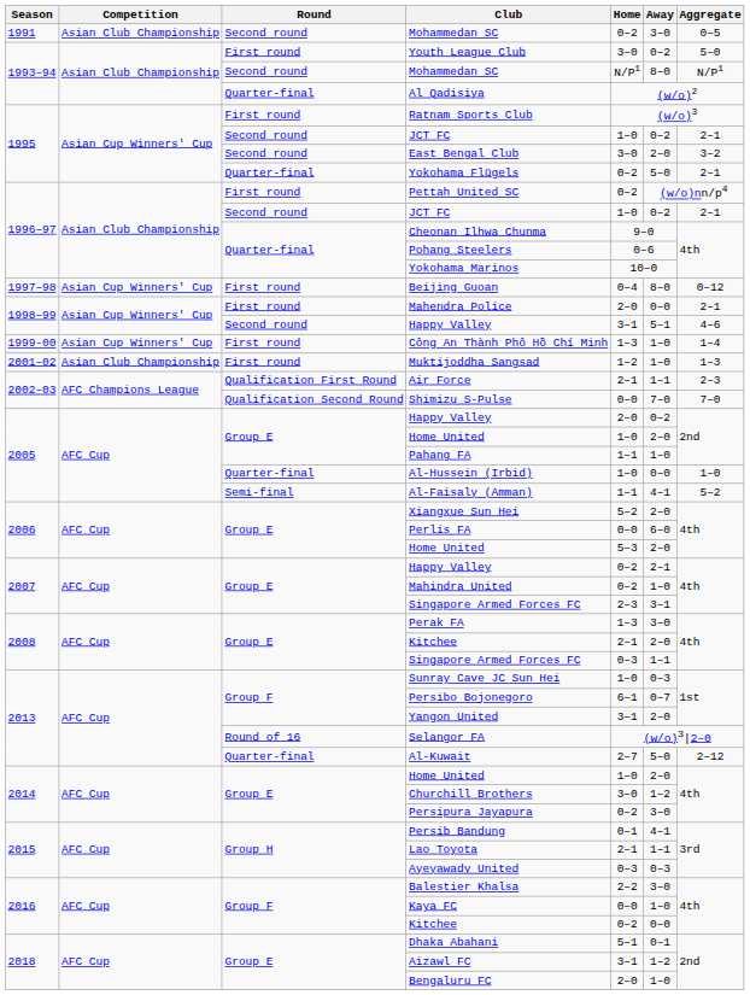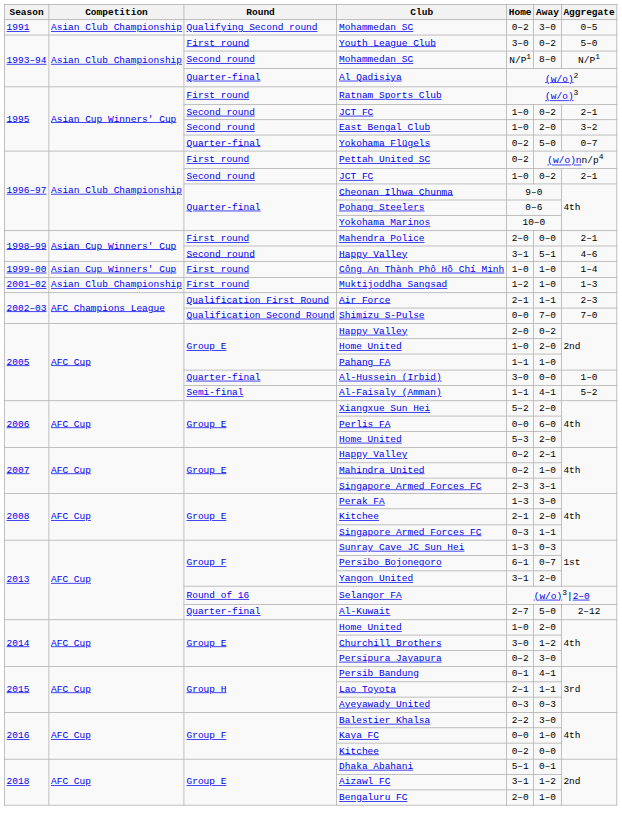 <table class="wikitable">
 <tr>
 <th>Season</th>
 <th>Competition</th>
 <th>Round</th>
 <th>Club</th>
 <th>Home</th>
 <th>Away</th>
 <th>Aggregate</th>
 </tr>
 <tr>
 <td><a href='#'>1991</a></td>
 <td><a href='#'>Asian Club Championship</a></td>
-<td><a href='#'>Second round</a></td>
+<td><a href='#'>Qualifying Second round</a></td>
 <td> <a href='#'>Mohammedan SC</a></td>
 <td style="text-align:center;">0–2</td>
 <td style="text-align:center;">3–0</td>
 <td style="text-align:center;">0–5</td>
 </tr>
 <tr>
 <td rowspan="3"><a href='#'>1993–94</a></td>
 <td rowspan="3"><a href='#'>Asian Club Championship</a></td>
 <td><a href='#'>First round</a></td>
 <td> <a href='#'>Youth League Club</a></td>
 <td style="text-align:center;">3–0</td>
 <td style="text-align:center;">0–2</td>
 <td style="text-align:center;">5–0</td>
 </tr>
 <tr>
 <td><a href='#'>Second round</a></td>
 <td> <a href='#'>Mohammedan SC</a></td>
 <td style="text-align:center;">N/P<sup>1</sup></td>
 <td style="text-align:center;">8–0</td>
 <td style="text-align:center;">N/P<sup>1</sup></td>
 </tr>
 <tr>
 <td><a href='#'>Quarter-final</a></td>
 <td> <a href='#'>Al Qadisiya</a></td>
 <td colspan=3; style="text-align:center;"><a href='#'>(w/o)</a><sup>2</sup></td>
 </tr>
 <tr>
 <td rowspan="4"><a href='#'>1995</a></td>
 <td rowspan="4"><a href='#'>Asian Cup Winners' Cup</a></td>
 <td><a href='#'>First round</a></td>
 <td> <a href='#'>Ratnam Sports Club</a></td>
 <td colspan=3; style="text-align:center;"><a href='#'>(w/o)</a><sup>3</sup></td>
 </tr>
 <tr>
 <td><a href='#'>Second round</a></td>
 <td> <a href='#'>JCT FC</a></td>
 <td style="text-align:center;">1–0</td>
 <td style="text-align:center;">0–2</td>
 <td style="text-align:center;">2–1</td>
 </tr>
 <tr>
 <td><a href='#'>Second round</a></td>
 <td> <a href='#'>East Bengal Club</a></td>
-<td style="text-align:center;">3–0</td>
+<td style="text-align:center;">1–0</td>
 <td style="text-align:center;">2–0</td>
 <td style="text-align:center;">3–2</td>
 </tr>
 <tr>
 <td><a href='#'>Quarter-final</a></td>
 <td> <a href='#'>Yokohama Flügels</a></td>
 <td style="text-align:center;">0–2</td>
 <td style="text-align:center;">5–0</td>
-<td style="text-align:center;">2–1</td>
+<td style="text-align:center;">0–7</td>
 </tr>
 <tr>
 <td rowspan="5"><a href='#'>1996–97</a></td>
 <td rowspan="5"><a href='#'>Asian Club Championship</a></td>
 <td><a href='#'>First round</a></td>
 <td> <a href='#'>Pettah United SC</a></td>
 <td style="text-align:center;">0–2</td>
 <td colspan=2; style="text-align:center;"><a href='#'>(w/o)n</a>n/p<sup>4</sup></td>
 </tr>
 <tr>
 <td><a href='#'>Second round</a></td>
 <td> <a href='#'>JCT FC</a></td>
 <td style="text-align:center;">1–0</td>
 <td style="text-align:center;">0–2</td>
 <td style="text-align:center;">2–1</td>
 </tr>
 <tr>
 <td rowspan="3"><a href='#'>Quarter-final</a></td>
 <td> <a href='#'>Cheonan Ilhwa Chunma</a></td>
 <td colspan=2; style="text-align:center;">9–0</td>
 <td rowspan="3">4th</td>
 </tr>
 <tr>
 <td> <a href='#'>Pohang Steelers</a></td>
 <td colspan=2; style="text-align:center;">0–6</td>
 </tr>
 <tr>
 <td> <a href='#'>Yokohama Marinos</a></td>
 <td colspan=2; style="text-align:center;">10–0</td>
 </tr>
 <tr>
-<td><a href='#'>1997–98</a></td>
-<td><a href='#'>Asian Cup Winners' Cup</a></td>
-<td><a href='#'>First round</a></td>
-<td> <a href='#'>Beijing Guoan</a></td>
-<td style="text-align:center;">0–4</td>
-<td style="text-align:center;">8–0</td>
-<td style="text-align:center;">0–12</td>
-</tr>
-<tr>
 <td rowspan="2"><a href='#'>1998–99</a></td>
 <td rowspan="2"><a href='#'>Asian Cup Winners' Cup</a></td>
 <td><a href='#'>First round</a></td>
 <td> <a href='#'>Mahendra Police</a></td>
 <td style="text-align:center;">2–0</td>
 <td style="text-align:center;">0–0</td>
 <td style="text-align:center;">2–1</td>
 </tr>
 <tr>
 <td><a href='#'>Second round</a></td>
 <td> <a href='#'>Happy Valley</a></td>
 <td style="text-align:center;">3–1</td>
 <td style="text-align:center;">5–1</td>
 <td style="text-align:center;">4–6</td>
 </tr>
 <tr>
 <td><a href='#'>1999-00</a></td>
 <td><a href='#'>Asian Cup Winners' Cup</a></td>
 <td><a href='#'>First round</a></td>
 <td> <a href='#'>Công An Thành Phô Hồ Chí Minh</a></td>
-<td style="text-align:center;">1–3</td>
+<td style="text-align:center;">1–0</td>
 <td style="text-align:center;">1–0</td>
 <td style="text-align:center;">1–4</td>
 </tr>
 <tr>
 <td><a href='#'>2001–02</a></td>
 <td><a href='#'>Asian Club Championship</a></td>
 <td><a href='#'>First round</a></td>
 <td> <a href='#'>Muktijoddha Sangsad</a></td>
 <td style="text-align:center;">1–2</td>
 <td style="text-align:center;">1–0</td>
 <td style="text-align:center;">1–3</td>
 </tr>
 <tr>
 <td rowspan="2"><a href='#'>2002–03</a></td>
 <td rowspan="2"><a href='#'>AFC Champions League</a></td>
 <td><a href='#'>Qualification First Round</a></td>
 <td> <a href='#'>Air Force</a></td>
 <td style="text-align:center;">2–1</td>
 <td style="text-align:center;">1–1</td>
 <td style="text-align:center;">2–3</td>
 </tr>
 <tr>
 <td><a href='#'>Qualification Second Round</a></td>
 <td> <a href='#'>Shimizu S-Pulse</a></td>
 <td style="text-align:center;">0–0</td>
 <td style="text-align:center;">7–0</td>
 <td style="text-align:center;">7–0</td>
 </tr>
 <tr>
 <td rowspan="5"><a href='#'>2005</a></td>
 <td rowspan="5"><a href='#'>AFC Cup</a></td>
 <td rowspan="3"><a href='#'>Group E</a></td>
 <td> <a href='#'>Happy Valley</a></td>
 <td style="text-align:center;">2–0</td>
 <td style="text-align:center;">0–2</td>
 <td rowspan="3">2nd</td>
 </tr>
 <tr>
 <td> <a href='#'>Home United</a></td>
 <td style="text-align:center;">1–0</td>
 <td style="text-align:center;">2–0</td>
 </tr>
 <tr>
 <td> <a href='#'>Pahang FA</a></td>
 <td style="text-align:center;">1–1</td>
 <td style="text-align:center;">1–0</td>
 </tr>
 <tr>
 <td><a href='#'>Quarter-final</a></td>
 <td> <a href='#'>Al-Hussein (Irbid)</a></td>
-<td style="text-align:center;">1–0</td>
+<td style="text-align:center;">3–0</td>
 <td style="text-align:center;">0–0</td>
 <td style="text-align:center;">1–0</td>
 </tr>
 <tr>
 <td><a href='#'>Semi-final</a></td>
 <td> <a href='#'>Al-Faisaly (Amman)</a></td>
 <td style="text-align:center;">1–1</td>
 <td style="text-align:center;">4–1</td>
 <td style="text-align:center;">5–2</td>
 </tr>
 <tr>
 <td rowspan="3"><a href='#'>2006</a></td>
 <td rowspan="3"><a href='#'>AFC Cup</a></td>
 <td rowspan="3"><a href='#'>Group E</a></td>
 <td> <a href='#'>Xiangxue Sun Hei</a></td>
 <td style="text-align:center;">5–2</td>
 <td style="text-align:center;">2–0</td>
 <td rowspan="3">4th</td>
 </tr>
 <tr>
 <td> <a href='#'>Perlis FA</a></td>
 <td style="text-align:center;">0–0</td>
 <td style="text-align:center;">6–0</td>
 </tr>
 <tr>
 <td> <a href='#'>Home United</a></td>
 <td style="text-align:center;">5–3</td>
 <td style="text-align:center;">2–0</td>
 </tr>
 <tr>
 <td rowspan="3"><a href='#'>2007</a></td>
 <td rowspan="3"><a href='#'>AFC Cup</a></td>
 <td rowspan="3"><a href='#'>Group E</a></td>
 <td> <a href='#'>Happy Valley</a></td>
 <td style="text-align:center;">0–2</td>
 <td style="text-align:center;">2–1</td>
 <td rowspan="3">4th</td>
 </tr>
 <tr>
 <td> <a href='#'>Mahindra United</a></td>
 <td style="text-align:center;">0–2</td>
 <td style="text-align:center;">1–0</td>
 </tr>
 <tr>
 <td> <a href='#'>Singapore Armed Forces FC</a></td>
 <td style="text-align:center;">2–3</td>
 <td style="text-align:center;">3–1</td>
 </tr>
 <tr>
 <td rowspan="3"><a href='#'>2008</a></td>
 <td rowspan="3"><a href='#'>AFC Cup</a></td>
 <td rowspan="3"><a href='#'>Group E</a></td>
 <td> <a href='#'>Perak FA</a></td>
 <td style="text-align:center;">1–3</td>
 <td style="text-align:center;">3–0</td>
 <td rowspan="3">4th</td>
 </tr>
 <tr>
 <td> <a href='#'>Kitchee</a></td>
 <td style="text-align:center;">2–1</td>
 <td style="text-align:center;">2–0</td>
 </tr>
 <tr>
 <td> <a href='#'>Singapore Armed Forces FC</a></td>
 <td style="text-align:center;">0–3</td>
 <td style="text-align:center;">1–1</td>
 </tr>
 <tr>
 <td rowspan="5"><a href='#'>2013</a></td>
 <td rowspan="5"><a href='#'>AFC Cup</a></td>
 <td rowspan="3"><a href='#'>Group F</a></td>
 <td> <a href='#'>Sunray Cave JC Sun Hei</a></td>
-<td style="text-align:center;">1–0</td>
+<td style="text-align:center;">1–3</td>
 <td style="text-align:center;">0–3</td>
 <td rowspan="3">1st</td>
 </tr>
 <tr>
 <td> <a href='#'>Persibo Bojonegoro</a></td>
 <td style="text-align:center;">6–1</td>
 <td style="text-align:center;">0–7</td>
 </tr>
 <tr>
 <td> <a href='#'>Yangon United</a></td>
 <td style="text-align:center;">3–1</td>
 <td style="text-align:center;">2–0</td>
 </tr>
 <tr>
 <td><a href='#'>Round of 16</a></td>
 <td> <a href='#'>Selangor FA</a></td>
 <td colspan=3; style="text-align:center;"><a href='#'>(w/o)</a><sup>3</sup>|<a href='#'>2–0</a> </td>
 </tr>
 <tr>
 <td><a href='#'>Quarter-final</a></td>
 <td> <a href='#'>Al-Kuwait</a></td>
 <td style="text-align:center;">2–7</td>
 <td style="text-align:center;">5–0</td>
 <td style="text-align:center;">2–12</td>
 </tr>
 <tr>
 <td rowspan="3"><a href='#'>2014</a></td>
 <td rowspan="3"><a href='#'>AFC Cup</a></td>
 <td rowspan="3"><a href='#'>Group E</a></td>
 <td> <a href='#'>Home United</a></td>
 <td style="text-align:center;">1–0</td>
 <td style="text-align:center;">2–0</td>
 <td rowspan="3">4th</td>
 </tr>
 <tr>
 <td> <a href='#'>Churchill Brothers</a></td>
 <td style="text-align:center;">3–0</td>
 <td style="text-align:center;">1–2</td>
 </tr>
 <tr>
 <td> <a href='#'>Persipura Jayapura</a></td>
 <td style="text-align:center;">0–2</td>
 <td style="text-align:center;">3–0</td>
 </tr>
 <tr>
 <td rowspan="3"><a href='#'>2015</a></td>
 <td rowspan="3"><a href='#'>AFC Cup</a></td>
 <td rowspan="3"><a href='#'>Group H</a></td>
 <td> <a href='#'>Persib Bandung</a></td>
 <td style="text-align:center;">0–1</td>
 <td style="text-align:center;">4–1</td>
 <td rowspan="3">3rd</td>
 </tr>
 <tr>
 <td> <a href='#'>Lao Toyota</a></td>
 <td style="text-align:center;">2–1</td>
 <td style="text-align:center;">1–1</td>
 </tr>
 <tr>
 <td> <a href='#'>Ayeyawady United</a></td>
 <td style="text-align:center;">0–3</td>
 <td style="text-align:center;">0–3</td>
 </tr>
 <tr>
 <td rowspan="3"><a href='#'>2016</a></td>
 <td rowspan="3"><a href='#'>AFC Cup</a></td>
 <td rowspan="3"><a href='#'>Group F</a></td>
 <td> <a href='#'>Balestier Khalsa</a></td>
 <td style="text-align:center;">2–2</td>
 <td style="text-align:center;">3–0</td>
 <td rowspan="3">4th</td>
 </tr>
 <tr>
 <td> <a href='#'>Kaya FC</a></td>
 <td style="text-align:center;">0–0</td>
 <td style="text-align:center;">1–0</td>
 </tr>
 <tr>
 <td> <a href='#'>Kitchee</a></td>
 <td style="text-align:center;">0–2</td>
 <td style="text-align:center;">0–0</td>
 </tr>
 <tr>
 <td rowspan="3"><a href='#'>2018</a></td>
 <td rowspan="3"><a href='#'>AFC Cup</a></td>
 <td rowspan="3"><a href='#'>Group E</a></td>
 <td> <a href='#'>Dhaka Abahani</a></td>
 <td style="text-align:center;">5–1</td>
 <td style="text-align:center;">0–1</td>
 <td rowspan="3">2nd</td>
 </tr>
 <tr>
 <td> <a href='#'>Aizawl FC</a></td>
 <td style="text-align:center;">3–1</td>
 <td style="text-align:center;">1–2</td>
 </tr>
 <tr>
 <td> <a href='#'>Bengaluru FC</a></td>
 <td style="text-align:center;">2–0</td>
 <td style="text-align:center;">1–0</td>
 </tr>
 </table>
